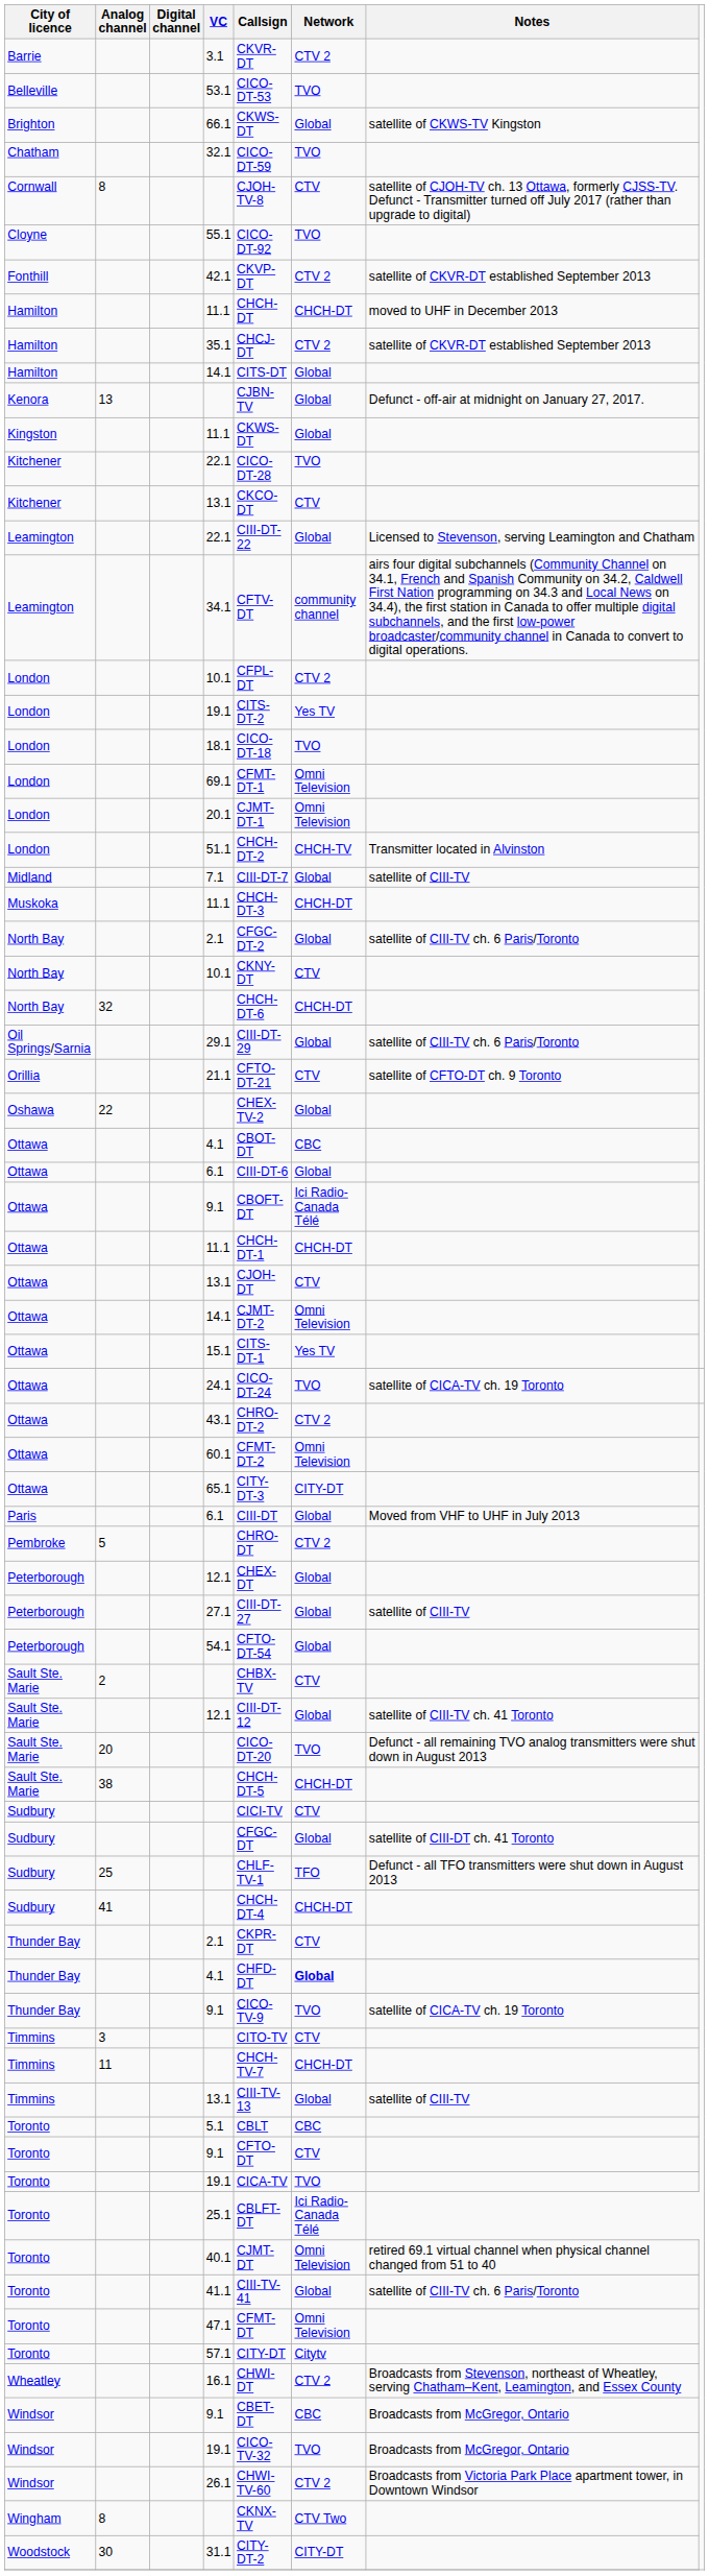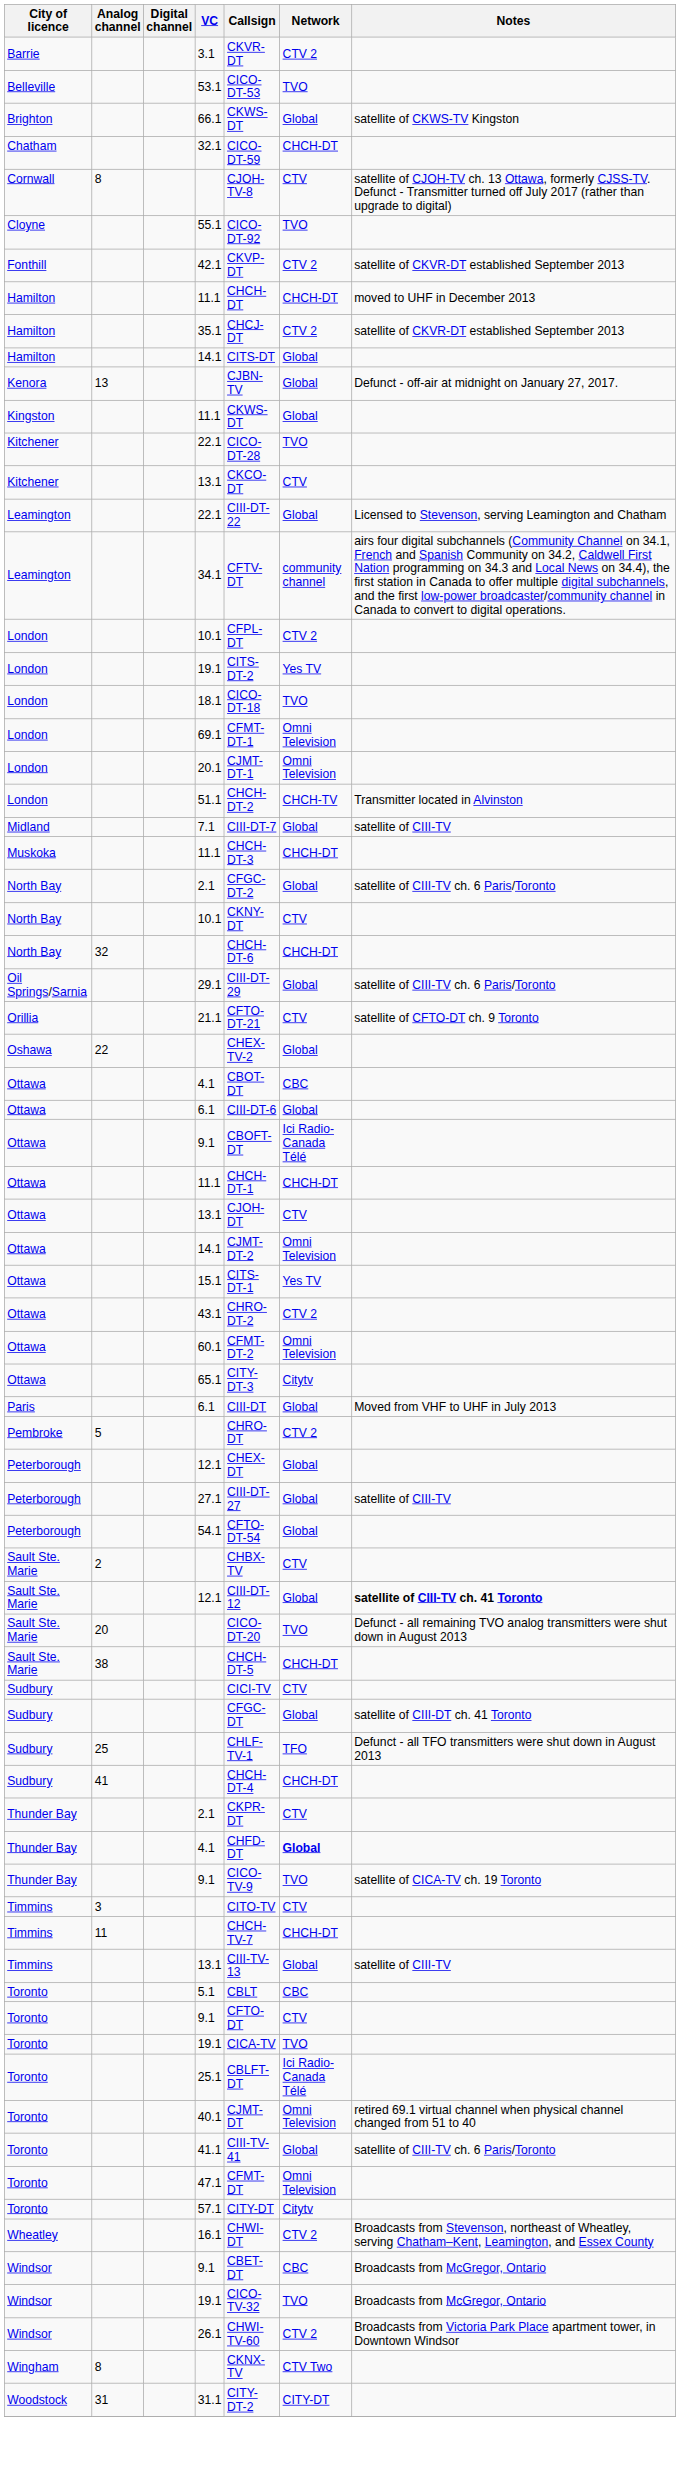 <table class="sortable wikitable" width="100%">
 <tr>
 <th>City of licence</th>
 <th>Analog<br>channel</th>
 <th>Digital<br>channel</th>
 <th><a href='#'>VC</a></th>
 <th>Callsign</th>
 <th>Network</th>
 <th>Notes</th>
 </tr>
 <tr>
 <td><a href='#'>Barrie</a></td>
 <td></td>
 <td></td>
 <td>3.1</td>
 <td><a href='#'>CKVR-DT</a></td>
 <td><a href='#'>CTV 2</a></td>
 <td></td>
 </tr>
 <tr>
 <td><a href='#'>Belleville</a></td>
 <td></td>
 <td></td>
 <td>53.1</td>
 <td><a href='#'>CICO-DT-53</a></td>
 <td><a href='#'>TVO</a></td>
 <td></td>
 </tr>
 <tr>
 <td><a href='#'>Brighton</a></td>
 <td></td>
 <td></td>
 <td>66.1</td>
 <td><a href='#'>CKWS-DT</a></td>
 <td><a href='#'>Global</a></td>
 <td>satellite of <a href='#'>CKWS-TV</a> Kingston</td>
 </tr>
 <tr style="vertical-align: top; text-align: left;">
 <td><a href='#'>Chatham</a></td>
 <td></td>
 <td></td>
 <td>32.1</td>
 <td><a href='#'>CICO-DT-59</a></td>
-<td><a href='#'>TVO</a></td>
+<td><a href='#'>CHCH-DT</a></td>
 <td></td>
 </tr>
 <tr style="vertical-align: top; text-align: left;">
 <td><a href='#'>Cornwall</a></td>
 <td>8</td>
 <td></td>
 <td></td>
 <td><a href='#'>CJOH-TV-8</a></td>
 <td><a href='#'>CTV</a></td>
 <td>satellite of <a href='#'>CJOH-TV</a> ch. 13 <a href='#'>Ottawa</a>, formerly <a href='#'>CJSS-TV</a>. Defunct - Transmitter turned off July 2017 (rather than upgrade to digital)</td>
 </tr>
 <tr style="vertical-align: top; text-align: left;">
 <td><a href='#'>Cloyne</a></td>
 <td></td>
 <td></td>
 <td>55.1</td>
 <td><a href='#'>CICO-DT-92</a></td>
 <td><a href='#'>TVO</a></td>
 <td></td>
 </tr>
 <tr>
 <td><a href='#'>Fonthill</a></td>
 <td></td>
 <td></td>
 <td>42.1</td>
 <td><a href='#'>CKVP-DT</a></td>
 <td><a href='#'>CTV 2</a></td>
 <td>satellite of <a href='#'>CKVR-DT</a> established September 2013</td>
 </tr>
 <tr>
 <td><a href='#'>Hamilton</a></td>
 <td></td>
 <td></td>
 <td>11.1</td>
 <td><a href='#'>CHCH-DT</a></td>
 <td><a href='#'>CHCH-DT</a></td>
 <td>moved to UHF in December 2013</td>
 </tr>
 <tr>
 <td><a href='#'>Hamilton</a></td>
 <td></td>
 <td></td>
 <td>35.1</td>
 <td><a href='#'>CHCJ-DT</a></td>
 <td><a href='#'>CTV 2</a></td>
 <td>satellite of <a href='#'>CKVR-DT</a> established September 2013</td>
 </tr>
 <tr>
 <td><a href='#'>Hamilton</a></td>
 <td></td>
 <td></td>
 <td>14.1</td>
 <td><a href='#'>CITS-DT</a></td>
 <td><a href='#'>Global</a></td>
 <td></td>
 </tr>
 <tr>
 <td><a href='#'>Kenora</a></td>
 <td>13</td>
 <td></td>
 <td></td>
 <td><a href='#'>CJBN-TV</a></td>
 <td><a href='#'>Global</a></td>
 <td>Defunct - off-air at midnight on January 27, 2017.</td>
 </tr>
 <tr>
 <td><a href='#'>Kingston</a></td>
 <td></td>
 <td></td>
 <td>11.1</td>
 <td><a href='#'>CKWS-DT</a></td>
 <td><a href='#'>Global</a></td>
 <td></td>
 </tr>
 <tr style="vertical-align: top; text-align: left;">
 <td><a href='#'>Kitchener</a></td>
 <td></td>
 <td></td>
 <td>22.1</td>
 <td><a href='#'>CICO-DT-28</a></td>
 <td><a href='#'>TVO</a></td>
 <td></td>
 </tr>
 <tr>
 <td><a href='#'>Kitchener</a></td>
 <td></td>
 <td></td>
 <td>13.1</td>
 <td><a href='#'>CKCO-DT</a></td>
 <td><a href='#'>CTV</a></td>
 <td></td>
 </tr>
 <tr>
 <td><a href='#'>Leamington</a></td>
 <td></td>
 <td></td>
 <td>22.1</td>
 <td><a href='#'>CIII-DT-22</a></td>
 <td><a href='#'>Global</a></td>
 <td>Licensed to <a href='#'>Stevenson</a>, serving Leamington and Chatham</td>
 </tr>
 <tr>
 <td><a href='#'>Leamington</a></td>
 <td></td>
 <td></td>
 <td>34.1</td>
 <td><a href='#'>CFTV-DT</a></td>
 <td><a href='#'>community channel</a></td>
 <td>airs four digital subchannels (<a href='#'>Community Channel</a> on 34.1, <a href='#'>French</a> and <a href='#'>Spanish</a> Community on 34.2, <a href='#'>Caldwell First Nation</a> programming on 34.3 and <a href='#'>Local News</a> on 34.4), the first station in Canada to offer multiple <a href='#'>digital subchannels</a>, and the first <a href='#'>low-power broadcaster</a>/<a href='#'>community channel</a> in Canada to convert to digital operations.</td>
 </tr>
 <tr>
 <td><a href='#'>London</a></td>
 <td></td>
 <td></td>
 <td>10.1</td>
 <td><a href='#'>CFPL-DT</a></td>
 <td><a href='#'>CTV 2</a></td>
 <td></td>
 </tr>
 <tr>
 <td><a href='#'>London</a></td>
 <td></td>
 <td></td>
 <td>19.1</td>
 <td><a href='#'>CITS-DT-2</a></td>
 <td><a href='#'>Yes TV</a></td>
 <td></td>
 </tr>
 <tr>
 <td><a href='#'>London</a></td>
 <td></td>
 <td></td>
 <td>18.1</td>
 <td><a href='#'>CICO-DT-18</a></td>
 <td><a href='#'>TVO</a></td>
 <td></td>
 </tr>
 <tr>
 <td><a href='#'>London</a></td>
 <td></td>
 <td></td>
 <td>69.1</td>
 <td><a href='#'>CFMT-DT-1</a></td>
 <td><a href='#'>Omni Television</a></td>
 <td></td>
 </tr>
 <tr>
 <td><a href='#'>London</a></td>
 <td></td>
 <td></td>
 <td>20.1</td>
 <td><a href='#'>CJMT-DT-1</a></td>
 <td><a href='#'>Omni Television</a></td>
 <td></td>
 </tr>
 <tr>
 <td><a href='#'>London</a></td>
 <td></td>
 <td></td>
 <td>51.1</td>
 <td><a href='#'>CHCH-DT-2</a></td>
 <td><a href='#'>CHCH-TV</a></td>
 <td>Transmitter located in <a href='#'>Alvinston</a></td>
 </tr>
 <tr>
 <td><a href='#'>Midland</a></td>
 <td></td>
 <td></td>
 <td>7.1</td>
 <td><a href='#'>CIII-DT-7</a></td>
 <td><a href='#'>Global</a></td>
 <td>satellite of <a href='#'>CIII-TV</a></td>
 </tr>
 <tr>
 <td><a href='#'>Muskoka</a></td>
 <td></td>
 <td></td>
 <td>11.1</td>
 <td><a href='#'>CHCH-DT-3</a></td>
 <td><a href='#'>CHCH-DT</a></td>
 <td></td>
 </tr>
 <tr>
 <td><a href='#'>North Bay</a></td>
 <td></td>
 <td></td>
 <td>2.1</td>
 <td><a href='#'>CFGC-DT-2</a></td>
 <td><a href='#'>Global</a></td>
 <td>satellite of <a href='#'>CIII-TV</a> ch. 6 <a href='#'>Paris</a>/<a href='#'>Toronto</a></td>
 </tr>
 <tr>
 <td><a href='#'>North Bay</a></td>
 <td></td>
 <td></td>
 <td>10.1</td>
 <td><a href='#'>CKNY-DT</a></td>
 <td><a href='#'>CTV</a></td>
 <td></td>
 </tr>
 <tr>
 <td><a href='#'>North Bay</a></td>
 <td>32</td>
 <td></td>
 <td></td>
 <td><a href='#'>CHCH-DT-6</a></td>
 <td><a href='#'>CHCH-DT</a></td>
 <td></td>
 </tr>
 <tr>
 <td><a href='#'>Oil Springs</a>/<a href='#'>Sarnia</a></td>
 <td></td>
 <td></td>
 <td>29.1</td>
 <td><a href='#'>CIII-DT-29</a></td>
 <td><a href='#'>Global</a></td>
 <td>satellite of <a href='#'>CIII-TV</a> ch. 6 <a href='#'>Paris</a>/<a href='#'>Toronto</a></td>
 </tr>
 <tr>
 <td><a href='#'>Orillia</a></td>
 <td></td>
 <td></td>
 <td>21.1</td>
 <td><a href='#'>CFTO-DT-21</a></td>
 <td><a href='#'>CTV</a></td>
 <td>satellite of <a href='#'>CFTO-DT</a> ch. 9 <a href='#'>Toronto</a></td>
 </tr>
 <tr>
 <td><a href='#'>Oshawa</a></td>
 <td>22</td>
 <td></td>
 <td></td>
 <td><a href='#'>CHEX-TV-2</a></td>
 <td><a href='#'>Global</a></td>
 <td></td>
 </tr>
 <tr>
 <td><a href='#'>Ottawa</a></td>
 <td></td>
 <td></td>
 <td>4.1</td>
 <td><a href='#'>CBOT-DT</a></td>
 <td><a href='#'>CBC</a></td>
 <td></td>
 </tr>
 <tr>
 <td><a href='#'>Ottawa</a></td>
 <td></td>
 <td></td>
 <td>6.1</td>
 <td><a href='#'>CIII-DT-6</a></td>
 <td><a href='#'>Global</a></td>
 <td></td>
 </tr>
 <tr>
 <td><a href='#'>Ottawa</a></td>
 <td></td>
 <td></td>
 <td>9.1</td>
 <td><a href='#'>CBOFT-DT</a></td>
 <td><a href='#'>Ici Radio-Canada Télé</a></td>
 <td></td>
 </tr>
 <tr>
 <td><a href='#'>Ottawa</a></td>
 <td></td>
 <td></td>
 <td>11.1</td>
 <td><a href='#'>CHCH-DT-1</a></td>
 <td><a href='#'>CHCH-DT</a></td>
 <td></td>
 </tr>
 <tr>
 <td><a href='#'>Ottawa</a></td>
 <td></td>
 <td></td>
 <td>13.1</td>
 <td><a href='#'>CJOH-DT</a></td>
 <td><a href='#'>CTV</a></td>
 <td></td>
 </tr>
 <tr>
 <td><a href='#'>Ottawa</a></td>
 <td></td>
 <td></td>
 <td>14.1</td>
 <td><a href='#'>CJMT-DT-2</a></td>
 <td><a href='#'>Omni Television</a></td>
 <td></td>
 </tr>
 <tr>
 <td><a href='#'>Ottawa</a></td>
 <td></td>
 <td></td>
 <td>15.1</td>
 <td><a href='#'>CITS-DT-1</a></td>
 <td><a href='#'>Yes TV</a></td>
 <td></td>
 </tr>
 <tr>
 <td><a href='#'>Ottawa</a></td>
 <td></td>
 <td></td>
-<td>24.1</td>
-<td><a href='#'>CICO-DT-24</a></td>
-<td><a href='#'>TVO</a></td>
-<td>satellite of <a href='#'>CICA-TV</a> ch. 19 <a href='#'>Toronto</a></td>
-<td></td>
-</tr>
-<tr>
-<td><a href='#'>Ottawa</a></td>
-<td></td>
-<td></td>
 <td>43.1</td>
 <td><a href='#'>CHRO-DT-2</a></td>
 <td><a href='#'>CTV 2</a></td>
 <td></td>
 </tr>
 <tr>
 <td><a href='#'>Ottawa</a></td>
 <td></td>
 <td></td>
 <td>60.1</td>
 <td><a href='#'>CFMT-DT-2</a></td>
 <td><a href='#'>Omni Television</a></td>
 <td></td>
 </tr>
 <tr>
 <td><a href='#'>Ottawa</a></td>
 <td></td>
 <td></td>
 <td>65.1</td>
 <td><a href='#'>CITY-DT-3</a></td>
-<td><a href='#'>CITY-DT</a></td>
+<td><a href='#'>Citytv</a></td>
 <td></td>
 </tr>
 <tr>
 <td><a href='#'>Paris</a></td>
 <td></td>
 <td></td>
 <td>6.1</td>
 <td><a href='#'>CIII-DT</a></td>
 <td><a href='#'>Global</a></td>
 <td>Moved from VHF to UHF in July 2013</td>
 </tr>
 <tr>
 <td><a href='#'>Pembroke</a></td>
 <td>5</td>
 <td></td>
 <td></td>
 <td><a href='#'>CHRO-DT</a></td>
 <td><a href='#'>CTV 2</a></td>
 <td></td>
 </tr>
 <tr>
 <td><a href='#'>Peterborough</a></td>
 <td></td>
 <td></td>
 <td>12.1</td>
 <td><a href='#'>CHEX-DT</a></td>
 <td><a href='#'>Global</a></td>
 <td></td>
 </tr>
 <tr>
 <td><a href='#'>Peterborough</a></td>
 <td></td>
 <td></td>
 <td>27.1</td>
 <td><a href='#'>CIII-DT-27</a></td>
 <td><a href='#'>Global</a></td>
 <td>satellite of <a href='#'>CIII-TV</a></td>
 </tr>
 <tr>
 <td><a href='#'>Peterborough</a></td>
 <td></td>
 <td></td>
 <td>54.1</td>
 <td><a href='#'>CFTO-DT-54</a></td>
 <td><a href='#'>Global</a></td>
 <td></td>
 </tr>
 <tr>
 <td><a href='#'>Sault Ste. Marie</a></td>
 <td>2</td>
 <td></td>
 <td></td>
 <td><a href='#'>CHBX-TV</a></td>
 <td><a href='#'>CTV</a></td>
 <td></td>
 </tr>
 <tr>
 <td><a href='#'>Sault Ste. Marie</a></td>
 <td></td>
 <td></td>
 <td>12.1</td>
 <td><a href='#'>CIII-DT-12</a></td>
 <td><a href='#'>Global</a></td>
-<td>satellite of <a href='#'>CIII-TV</a> ch. 41 <a href='#'>Toronto</a></td>
+<td><strong>satellite of <a href='#'>CIII-TV</a> ch. 41 <a href='#'>Toronto</a></strong></td>
 </tr>
 <tr>
 <td><a href='#'>Sault Ste. Marie</a></td>
 <td>20</td>
 <td></td>
 <td></td>
 <td><a href='#'>CICO-DT-20</a></td>
 <td><a href='#'>TVO</a></td>
 <td>Defunct - all remaining TVO analog transmitters were shut down in August 2013</td>
 </tr>
 <tr>
 <td><a href='#'>Sault Ste. Marie</a></td>
 <td>38</td>
 <td></td>
 <td></td>
 <td><a href='#'>CHCH-DT-5</a></td>
 <td><a href='#'>CHCH-DT</a></td>
 <td></td>
 </tr>
 <tr>
 <td><a href='#'>Sudbury</a></td>
 <td></td>
 <td></td>
 <td></td>
 <td><a href='#'>CICI-TV</a></td>
 <td><a href='#'>CTV</a></td>
 <td></td>
 </tr>
 <tr>
 <td><a href='#'>Sudbury</a></td>
 <td></td>
 <td></td>
 <td></td>
 <td><a href='#'>CFGC-DT</a></td>
 <td><a href='#'>Global</a></td>
 <td>satellite of <a href='#'>CIII-DT</a> ch. 41 <a href='#'>Toronto</a></td>
 </tr>
 <tr>
 <td><a href='#'>Sudbury</a></td>
 <td>25</td>
 <td></td>
 <td></td>
 <td><a href='#'>CHLF-TV-1</a></td>
 <td><a href='#'>TFO</a></td>
 <td>Defunct - all TFO transmitters were shut down in August 2013</td>
 </tr>
 <tr>
 <td><a href='#'>Sudbury</a></td>
 <td>41</td>
 <td></td>
 <td></td>
 <td><a href='#'>CHCH-DT-4</a></td>
 <td><a href='#'>CHCH-DT</a></td>
 <td></td>
 </tr>
 <tr>
 <td><a href='#'>Thunder Bay</a></td>
 <td></td>
 <td></td>
 <td>2.1</td>
 <td><a href='#'>CKPR-DT</a></td>
 <td><a href='#'>CTV</a></td>
 <td></td>
 </tr>
 <tr>
 <td><a href='#'>Thunder Bay</a></td>
 <td></td>
 <td></td>
 <td>4.1</td>
 <td><a href='#'>CHFD-DT</a></td>
 <td><strong><a href='#'>Global</a></strong></td>
 <td></td>
 </tr>
 <tr>
 <td><a href='#'>Thunder Bay</a></td>
 <td></td>
 <td></td>
 <td>9.1</td>
 <td><a href='#'>CICO-TV-9</a></td>
 <td><a href='#'>TVO</a></td>
 <td>satellite of <a href='#'>CICA-TV</a> ch. 19 <a href='#'>Toronto</a></td>
 </tr>
 <tr>
 <td><a href='#'>Timmins</a></td>
 <td>3</td>
 <td></td>
 <td></td>
 <td><a href='#'>CITO-TV</a></td>
 <td><a href='#'>CTV</a></td>
 <td></td>
 </tr>
 <tr>
 <td><a href='#'>Timmins</a></td>
 <td>11</td>
 <td></td>
 <td></td>
 <td><a href='#'>CHCH-TV-7</a></td>
 <td><a href='#'>CHCH-DT</a></td>
 <td></td>
 </tr>
 <tr>
 <td><a href='#'>Timmins</a></td>
 <td></td>
 <td></td>
 <td>13.1</td>
 <td><a href='#'>CIII-TV-13</a></td>
 <td><a href='#'>Global</a></td>
 <td>satellite of <a href='#'>CIII-TV</a></td>
 </tr>
 <tr>
 <td><a href='#'>Toronto</a></td>
 <td></td>
 <td></td>
 <td>5.1</td>
 <td><a href='#'>CBLT</a></td>
 <td><a href='#'>CBC</a></td>
 <td></td>
 </tr>
 <tr>
 <td><a href='#'>Toronto</a></td>
 <td></td>
 <td></td>
 <td>9.1</td>
 <td><a href='#'>CFTO-DT</a></td>
 <td><a href='#'>CTV</a></td>
 <td></td>
 </tr>
 <tr>
 <td><a href='#'>Toronto</a></td>
 <td></td>
 <td></td>
 <td>19.1</td>
 <td><a href='#'>CICA-TV</a></td>
 <td><a href='#'>TVO</a></td>
 <td></td>
 </tr>
 <tr>
 <td><a href='#'>Toronto</a></td>
 <td></td>
 <td></td>
 <td>25.1</td>
 <td><a href='#'>CBLFT-DT</a></td>
 <td><a href='#'>Ici Radio-Canada Télé</a></td>
 </tr>
 <tr>
 <td><a href='#'>Toronto</a></td>
 <td></td>
 <td></td>
 <td>40.1</td>
 <td><a href='#'>CJMT-DT</a></td>
 <td><a href='#'>Omni Television</a></td>
 <td>retired 69.1 virtual channel when physical channel changed from 51 to 40</td>
 </tr>
 <tr>
 <td><a href='#'>Toronto</a></td>
 <td></td>
 <td></td>
 <td>41.1</td>
 <td><a href='#'>CIII-TV-41</a></td>
 <td><a href='#'>Global</a></td>
 <td>satellite of <a href='#'>CIII-TV</a> ch. 6 <a href='#'>Paris</a>/<a href='#'>Toronto</a></td>
 </tr>
 <tr>
 <td><a href='#'>Toronto</a></td>
 <td></td>
 <td></td>
 <td>47.1</td>
 <td><a href='#'>CFMT-DT</a></td>
 <td><a href='#'>Omni Television</a></td>
 <td></td>
 </tr>
 <tr>
 <td><a href='#'>Toronto</a></td>
 <td></td>
 <td></td>
 <td>57.1</td>
 <td><a href='#'>CITY-DT</a></td>
 <td><a href='#'>Citytv</a></td>
 <td></td>
 </tr>
 <tr>
 <td><a href='#'>Wheatley</a></td>
 <td></td>
 <td></td>
 <td>16.1</td>
 <td><a href='#'>CHWI-DT</a></td>
 <td><a href='#'>CTV 2</a></td>
 <td>Broadcasts from <a href='#'>Stevenson</a>, northeast of Wheatley, serving <a href='#'>Chatham–Kent</a>, <a href='#'>Leamington</a>, and <a href='#'>Essex County</a></td>
 </tr>
 <tr>
 <td><a href='#'>Windsor</a></td>
 <td></td>
 <td></td>
 <td>9.1</td>
 <td><a href='#'>CBET-DT</a></td>
 <td><a href='#'>CBC</a></td>
 <td>Broadcasts from <a href='#'>McGregor, Ontario</a></td>
 </tr>
 <tr>
 <td><a href='#'>Windsor</a></td>
 <td></td>
 <td></td>
 <td>19.1</td>
 <td><a href='#'>CICO-TV-32</a></td>
 <td><a href='#'>TVO</a></td>
 <td>Broadcasts from <a href='#'>McGregor, Ontario</a></td>
 </tr>
 <tr>
 <td><a href='#'>Windsor</a></td>
 <td></td>
 <td></td>
 <td>26.1</td>
 <td><a href='#'>CHWI-TV-60</a></td>
 <td><a href='#'>CTV 2</a></td>
 <td>Broadcasts from <a href='#'>Victoria Park Place</a> apartment tower, in Downtown Windsor</td>
 </tr>
 <tr>
 <td><a href='#'>Wingham</a></td>
 <td>8</td>
 <td></td>
 <td></td>
 <td><a href='#'>CKNX-TV</a></td>
 <td><a href='#'>CTV Two</a></td>
 <td></td>
 </tr>
 <tr>
 <td><a href='#'>Woodstock</a></td>
-<td>30</td>
+<td>31</td>
 <td></td>
 <td>31.1</td>
 <td><a href='#'>CITY-DT-2</a></td>
 <td><a href='#'>CITY-DT</a></td>
 <td></td>
 </tr>
 <tr>
 </tr>
 </table>
